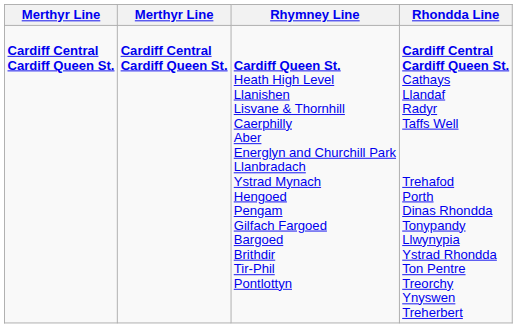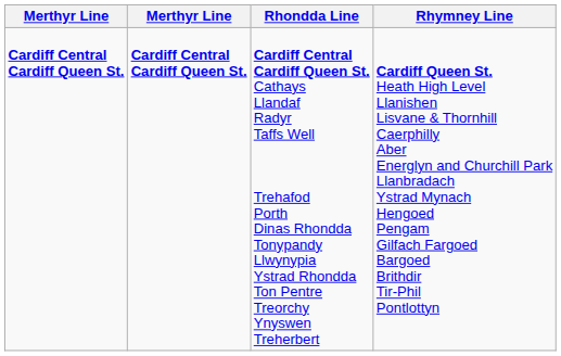 <table class="wikitable" style="font-size: 90%">
 <tr>
 <th> <a href='#'>Merthyr Line</a></th>
 <th> <a href='#'>Merthyr Line</a></th>
+<th> <a href='#'>Rhondda Line</a></th>
 <th> <a href='#'>Rhymney Line</a></th>
-<th> <a href='#'>Rhondda Line</a></th>
 </tr>
 <tr valign="top">
 <td><br><strong><a href='#'>Cardiff Central</a></strong><br> <strong><a href='#'>Cardiff Queen St.</a></strong><br> <br> <br> <br> <br> <br> <br> <br> <br> <br> <br> <br> <br> </td>
 <td><br><strong><a href='#'>Cardiff Central</a></strong><br> <strong><a href='#'>Cardiff Queen St.</a></strong><br> <br> <br> <br> <br> <br> <br> <br> <br> <br> <br> <br> <br> <br></td>
+<td><br><strong><a href='#'>Cardiff Central</a></strong><br> <strong><a href='#'>Cardiff Queen St.</a></strong><br> <a href='#'>Cathays</a><br> <a href='#'>Llandaf</a><br> <a href='#'>Radyr</a><br> <a href='#'>Taffs Well</a><br> <br> <br> <br> <a href='#'>Trehafod</a><br> <a href='#'>Porth</a><br> <a href='#'>Dinas Rhondda</a><br> <a href='#'>Tonypandy</a><br> <a href='#'>Llwynypia</a><br> <a href='#'>Ystrad Rhondda</a><br> <a href='#'>Ton Pentre</a><br> <a href='#'>Treorchy</a><br> <a href='#'>Ynyswen</a><br> <a href='#'>Treherbert</a></td>
 <td><br><strong></strong><br> <strong><a href='#'>Cardiff Queen St.</a></strong><br> <a href='#'>Heath High Level</a><br> <a href='#'>Llanishen</a><br> <a href='#'>Lisvane & Thornhill</a><br> <a href='#'>Caerphilly</a><br> <a href='#'>Aber</a><br> <a href='#'>Energlyn and Churchill Park</a><br> <a href='#'>Llanbradach</a><br> <a href='#'>Ystrad Mynach</a><br> <a href='#'>Hengoed</a><br> <a href='#'>Pengam</a><br> <a href='#'>Gilfach Fargoed</a><br> <a href='#'>Bargoed</a><br> <a href='#'>Brithdir</a><br> <a href='#'>Tir-Phil</a><br> <a href='#'>Pontlottyn</a><br> <br></td>
-<td><br><strong><a href='#'>Cardiff Central</a></strong><br> <strong><a href='#'>Cardiff Queen St.</a></strong><br> <a href='#'>Cathays</a><br> <a href='#'>Llandaf</a><br> <a href='#'>Radyr</a><br> <a href='#'>Taffs Well</a><br> <br> <br> <br> <a href='#'>Trehafod</a><br> <a href='#'>Porth</a><br> <a href='#'>Dinas Rhondda</a><br> <a href='#'>Tonypandy</a><br> <a href='#'>Llwynypia</a><br> <a href='#'>Ystrad Rhondda</a><br> <a href='#'>Ton Pentre</a><br> <a href='#'>Treorchy</a><br> <a href='#'>Ynyswen</a><br> <a href='#'>Treherbert</a></td>
 </tr>
 </table>
